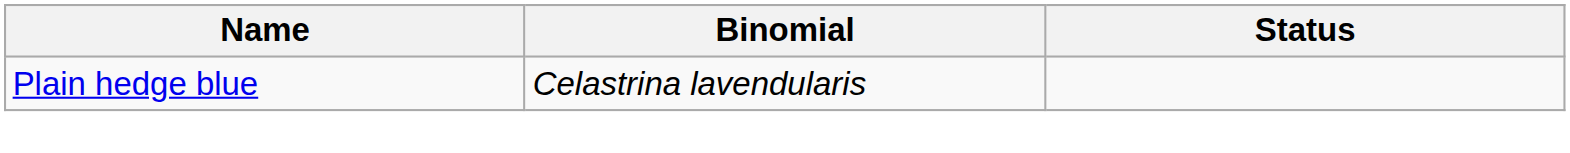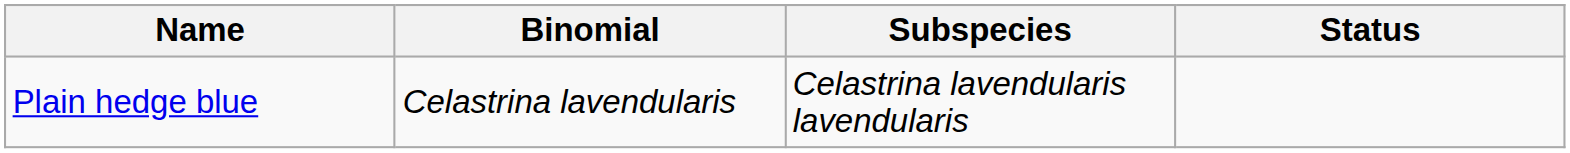 <table width=60% class="wikitable">
 <tr>
 <th width=20%>Name</th>
 <th width=20%>Binomial</th>
+<th width=20%>Subspecies</th>
 <th width=20%>Status</th>
 </tr>
 <tr>
 <td><a href='#'>Plain hedge blue</a><br> </td>
 <td><em>Celastrina lavendularis</em></td>
+<td><em>Celastrina lavendularis lavendularis</em></td>
 <td></td>
 </tr>
 </table>
